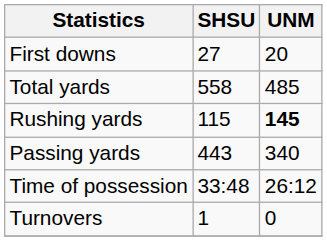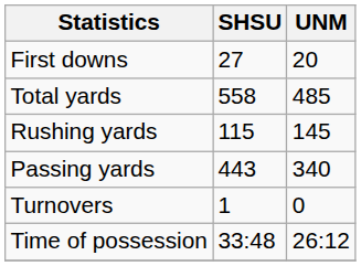 <table class="wikitable">
 <tr>
 <th>Statistics</th>
 <th>SHSU</th>
 <th>UNM</th>
 </tr>
 <tr>
 <td>First downs</td>
 <td>27</td>
 <td>20</td>
 </tr>
 <tr>
 <td>Total yards</td>
 <td>558</td>
 <td>485</td>
 </tr>
 <tr>
 <td>Rushing yards</td>
 <td>115</td>
-<td><strong>145</strong></td>
+<td>145</td>
 </tr>
 <tr>
 <td>Passing yards</td>
 <td>443</td>
 <td>340</td>
 </tr>
 <tr>
+<td>Turnovers</td>
+<td>1</td>
+<td>0</td>
+</tr>
+<tr>
 <td>Time of possession</td>
 <td>33:48</td>
 <td>26:12</td>
 </tr>
 <tr>
-<td>Turnovers</td>
-<td>1</td>
-<td>0</td>
-</tr>
-<tr>
 </tr>
 </table>
